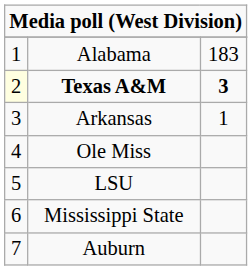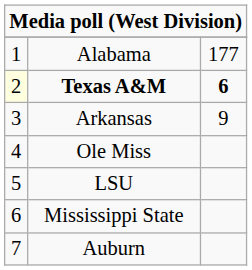 <table class="wikitable" style="display: inline-table;">
 <tr>
 <td align="center" Colspan="3"><strong>Media poll (West Division)</strong></td>
 </tr>
 <tr align="center">
 </tr>
 <tr align="center">
 <td>1</td>
 <td>Alabama</td>
-<td>183</td>
+<td>177</td>
 </tr>
 <tr align="center">
 <td style="background: lightyellow;">2</td>
 <td><strong>Texas A&M</strong></td>
-<td><strong>3</strong></td>
+<td><strong>6</strong></td>
 </tr>
 <tr align="center">
 <td>3</td>
 <td>Arkansas</td>
-<td>1</td>
+<td>9</td>
 </tr>
 <tr align="center">
 <td>4</td>
 <td>Ole Miss</td>
 <td></td>
 </tr>
 <tr align="center">
 <td>5</td>
 <td>LSU</td>
 <td></td>
 </tr>
 <tr align="center">
 <td>6</td>
 <td>Mississippi State</td>
 <td></td>
 </tr>
 <tr align="center">
 <td>7</td>
 <td>Auburn</td>
 <td></td>
 </tr>
 </table>
